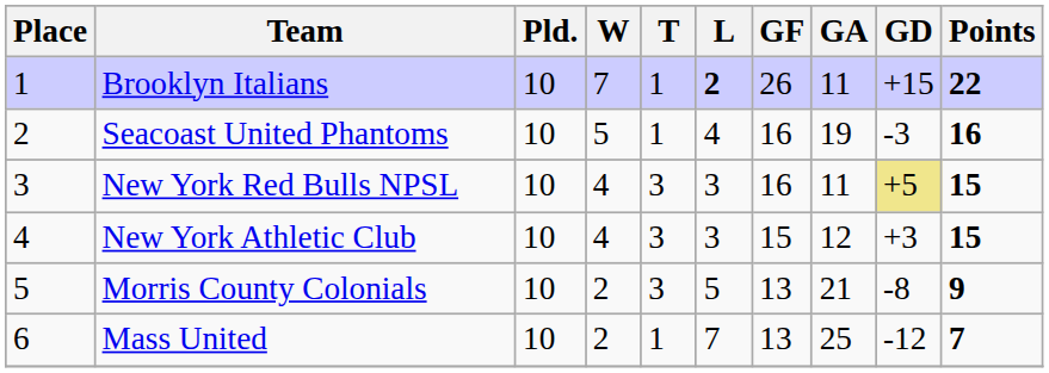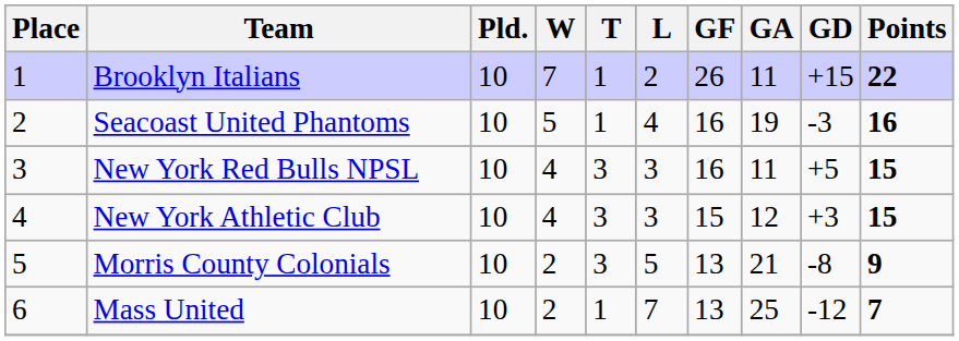 <table class="wikitable">
 <tr>
 <th>Place</th>
 <th width="200">Team</th>
 <th width="20">Pld.</th>
 <th width="20">W</th>
 <th width="20">T</th>
 <th width="20">L</th>
 <th width="20">GF</th>
 <th width="20">GA</th>
 <th width="25">GD</th>
 <th>Points</th>
 </tr>
 <tr bgcolor=#CCCCFF>
 <td>1</td>
 <td><a href='#'>Brooklyn Italians</a></td>
 <td>10</td>
 <td>7</td>
 <td>1</td>
-<td><strong>2</strong></td>
+<td>2</td>
 <td>26</td>
 <td>11</td>
 <td>+15</td>
 <td><strong>22</strong></td>
 </tr>
 <tr>
 <td>2</td>
 <td><a href='#'>Seacoast United Phantoms</a></td>
 <td>10</td>
 <td>5</td>
 <td>1</td>
 <td>4</td>
 <td>16</td>
 <td>19</td>
 <td>-3</td>
 <td><strong>16</strong></td>
 </tr>
 <tr>
 <td>3</td>
 <td><a href='#'>New York Red Bulls NPSL</a></td>
 <td>10</td>
 <td>4</td>
 <td>3</td>
 <td>3</td>
 <td>16</td>
 <td>11</td>
-<td style="background: khaki;">+5</td>
+<td>+5</td>
 <td><strong>15</strong></td>
 </tr>
 <tr>
 <td>4</td>
 <td><a href='#'>New York Athletic Club</a></td>
 <td>10</td>
 <td>4</td>
 <td>3</td>
 <td>3</td>
 <td>15</td>
 <td>12</td>
 <td>+3</td>
 <td><strong>15</strong></td>
 </tr>
 <tr>
 <td>5</td>
 <td><a href='#'>Morris County Colonials</a></td>
 <td>10</td>
 <td>2</td>
 <td>3</td>
 <td>5</td>
 <td>13</td>
 <td>21</td>
 <td>-8</td>
 <td><strong>9</strong></td>
 </tr>
 <tr>
 <td>6</td>
 <td><a href='#'>Mass United</a></td>
 <td>10</td>
 <td>2</td>
 <td>1</td>
 <td>7</td>
 <td>13</td>
 <td>25</td>
 <td>-12</td>
 <td><strong>7</strong></td>
 </tr>
 <tr>
 </tr>
 </table>
